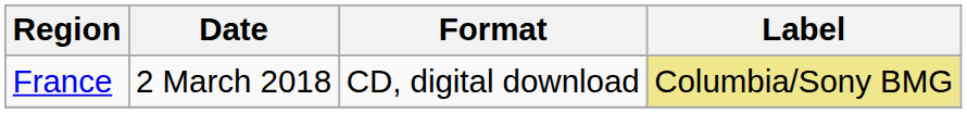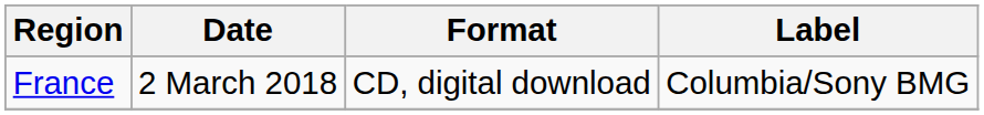 <table class=wikitable>
 <tr>
 <th>Region</th>
 <th>Date</th>
 <th>Format</th>
 <th>Label</th>
 </tr>
 <tr>
 <td><a href='#'>France</a></td>
 <td>2 March 2018</td>
 <td>CD, digital download</td>
-<td style="background: khaki;">Columbia/Sony BMG</td>
+<td>Columbia/Sony BMG</td>
 </tr>
 <tr>
 </tr>
 </table>
